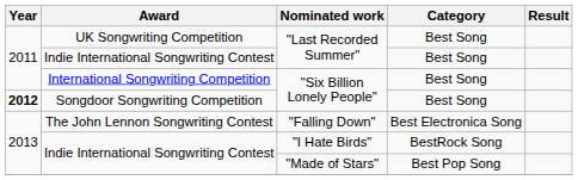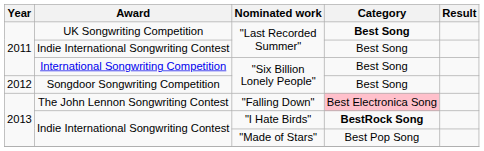 <table class="wikitable" style="text-align:center;font-size:100%;">
 <tr>
 <th>Year</th>
 <th>Award</th>
 <th>Nominated work</th>
 <th>Category</th>
 <th>Result</th>
 </tr>
 <tr>
 <td rowspan="3">2011</td>
 <td rowspan="1">UK Songwriting Competition</td>
 <td rowspan="2">"Last Recorded<br>Summer"</td>
-<td>Best Song</td>
+<td><strong>Best Song</strong></td>
 <td></td>
 </tr>
 <tr>
 <td rowspan="1">Indie International Songwriting Contest</td>
 <td>Best Song</td>
 <td></td>
 </tr>
 <tr>
 <td rowspan="1"><a href='#'>International Songwriting Competition</a></td>
 <td rowspan="2">"Six Billion<br>Lonely People"</td>
 <td>Best Song</td>
 <td></td>
 </tr>
 <tr>
-<td rowspan="1"><strong>2012</strong></td>
+<td rowspan="1">2012</td>
 <td rowspan="1">Songdoor Songwriting Competition</td>
 <td>Best Song</td>
 <td></td>
 </tr>
 <tr>
 <td rowspan="3">2013</td>
 <td rowspan="1">The John Lennon Songwriting Contest</td>
 <td>"Falling Down"</td>
-<td>Best Electronica Song</td>
+<td style="background: pink;">Best Electronica Song</td>
 <td></td>
 </tr>
 <tr>
 <td rowspan="2">Indie International Songwriting Contest</td>
 <td>"I Hate Birds"</td>
-<td>BestRock Song</td>
+<td><strong>BestRock Song</strong></td>
 <td></td>
 </tr>
 <tr>
 <td>"Made of Stars"</td>
 <td>Best Pop Song</td>
 <td></td>
 </tr>
 <tr>
 </tr>
 </table>
